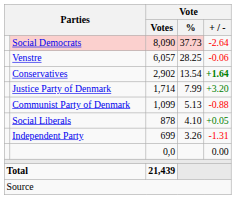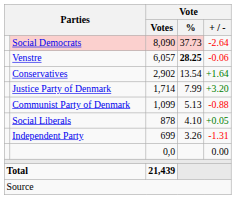 <table class="wikitable" style="text-align:right;">
 <tr>
 <th style="text-align:centre;" rowspan="2" colspan="2" width="225">Parties</th>
 <th colspan="3">Vote</th>
 </tr>
 <tr>
 <th width="15">Votes</th>
 <th width="15">%</th>
 <th width="15">+ / -</th>
 </tr>
 <tr>
 <td width="2" style="color:inherit;background:"></td>
 <td bgcolor=#fbd0ce  align="left"><a href='#'>Social Democrats</a></td>
 <td bgcolor=#fbd0ce>8,090</td>
 <td bgcolor=#fbd0ce>37.73</td>
 <td style=color:red;>-2.64</td>
 </tr>
 <tr>
 <td width="2" style="color:inherit;background:"></td>
 <td align="left"><a href='#'>Venstre</a></td>
 <td>6,057</td>
-<td>28.25</td>
+<td><strong>28.25</strong></td>
 <td style=color:red;>-0.06</td>
 </tr>
 <tr>
 <td width="2" style="color:inherit;background:"></td>
 <td align="left"><a href='#'>Conservatives</a></td>
 <td>2,902</td>
 <td>13.54</td>
-<td style=color:green;><strong>+1.64</strong></td>
+<td style=color:green;>+1.64</td>
 </tr>
 <tr>
 <td width="2" style="color:inherit;background:"></td>
 <td align="left"><a href='#'>Justice Party of Denmark</a></td>
 <td>1,714</td>
 <td>7.99</td>
 <td style=color:green;>+3.20</td>
 </tr>
 <tr>
 <td width="2" style="color:inherit;background:"></td>
 <td align="left"><a href='#'>Communist Party of Denmark</a></td>
 <td>1,099</td>
 <td>5.13</td>
 <td style=color:red;>-0.88</td>
 </tr>
 <tr>
 <td width="2" style="color:inherit;background:"></td>
 <td align="left"><a href='#'>Social Liberals</a></td>
 <td>878</td>
 <td>4.10</td>
 <td style=color:green;>+0.05</td>
 </tr>
 <tr>
 <td width="2" style="color:inherit;background:"></td>
 <td align="left"><a href='#'>Independent Party</a></td>
 <td>699</td>
 <td>3.26</td>
 <td style=color:red;>-1.31</td>
 </tr>
 <tr>
 <td width="2" style="color:inherit;background:"></td>
 <td align="left"></td>
 <td>0,0</td>
 <td></td>
 <td>0.00</td>
 </tr>
 <tr>
 <td colspan="7" bgcolor="#E9E9E9"></td>
 </tr>
 <tr>
 <td align="left" colspan="2"><strong>Total</strong></td>
 <td><strong>21,439</strong></td>
 <td bgcolor="#E9E9E9" colspan="2"></td>
 </tr>
 <tr>
 <td align="left" colspan="6">Source</td>
 </tr>
 </table>
